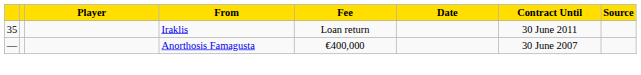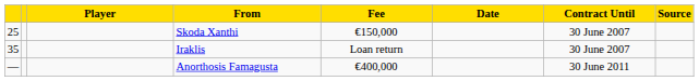 <table class="wikitable sortable">
 <tr>
 <th style="background:#FFDE00"></th>
 <th style="background:#FFDE00"></th>
 <th width=200 style="background:#FFDE00">Player</th>
 <th width=200 style="background:#FFDE00">From</th>
 <th width=150 style="background:#FFDE00">Fee</th>
 <th width=150 style="background:#FFDE00">Date</th>
 <th width=150 style="background:#FFDE00">Contract Until</th>
 <th style="background:#FFDE00">Source</th>
 </tr>
 <tr>
+<td align=center>25</td>
+<td align=center></td>
+<td></td>
+<td> <a href='#'>Skoda Xanthi</a></td>
+<td align=center>€150,000</td>
+<td align=center></td>
+<td align=center>30 June 2007</td>
+<td align=center></td>
+</tr>
+<tr>
 <td align=center>35</td>
 <td align=center></td>
 <td></td>
 <td> <a href='#'>Iraklis</a></td>
 <td align=center>Loan return</td>
 <td align=center></td>
-<td align=center>30 June 2011</td>
+<td align=center>30 June 2007</td>
 <td align=center></td>
 </tr>
 <tr>
 <td align=center>—</td>
 <td align=center></td>
 <td></td>
 <td> <a href='#'>Anorthosis Famagusta</a></td>
 <td align=center>€400,000</td>
 <td align=center></td>
-<td align=center>30 June 2007</td>
+<td align=center>30 June 2011</td>
 <td align=center></td>
 </tr>
 </table>
